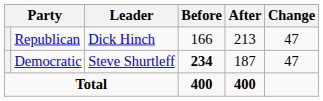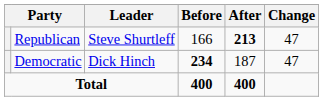 <table class="wikitable" style="text-align:center;">
 <tr>
 </tr>
 <tr>
 <th colspan=2>Party</th>
 <th>Leader</th>
 <th>Before</th>
 <th>After</th>
 <th>Change</th>
 </tr>
 <tr>
 <th style="background-color:"></th>
 <td style="text-align:left;"><a href='#'>Republican</a></td>
-<td style="text-align:left;"><a href='#'>Dick Hinch</a></td>
+<td style="text-align:left;"><a href='#'>Steve Shurtleff</a></td>
 <td>166</td>
-<td>213</td>
+<td><strong>213</strong></td>
 <td> 47</td>
 </tr>
 <tr>
 <th style="background-color:"></th>
 <td style="text-align:left;"><a href='#'>Democratic</a></td>
-<td style="text-align:left;"><a href='#'>Steve Shurtleff</a></td>
+<td style="text-align:left;"><a href='#'>Dick Hinch</a></td>
 <td><strong>234</strong></td>
 <td>187</td>
 <td> 47</td>
 </tr>
 <tr>
 <td colspan=3><strong>Total</strong></td>
 <td><strong>400</strong></td>
 <td><strong>400</strong></td>
 <td></td>
 </tr>
 </table>
